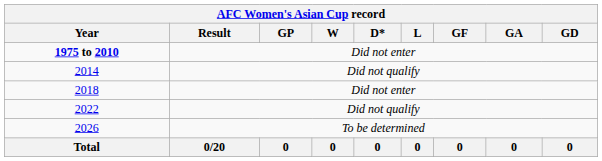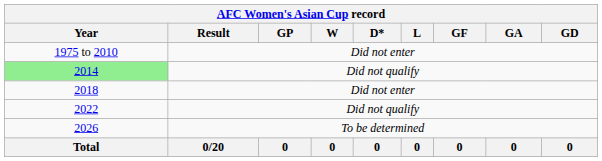 <table class="wikitable" style="text-align: center; width:50%;">
 <tr>
 <th colspan="9"><a href='#'>AFC Women's Asian Cup</a> record</th>
 </tr>
 <tr>
 <th>Year</th>
 <th>Result</th>
 <th>GP</th>
 <th>W</th>
 <th>D*</th>
 <th>L</th>
 <th>GF</th>
 <th>GA</th>
 <th>GD</th>
 </tr>
 <tr>
-<td><strong> <a href='#'>1975</a> to  <a href='#'>2010</a></strong></td>
+<td> <a href='#'>1975</a> to  <a href='#'>2010</a></td>
 <td colspan=8><em>Did not enter</em></td>
 </tr>
 <tr>
-<td> <a href='#'>2014</a></td>
+<td style="background: lightgreen;"> <a href='#'>2014</a></td>
 <td colspan=8><em>Did not qualify</em></td>
 </tr>
 <tr>
 <td> <a href='#'>2018</a></td>
 <td colspan=8><em>Did not enter</em></td>
 </tr>
 <tr>
 <td> <a href='#'>2022</a></td>
 <td colspan=8><em>Did not qualify</em></td>
 </tr>
 <tr>
 <td> <a href='#'>2026</a></td>
 <td colspan=8><em>To be determined</em></td>
 </tr>
 <tr>
 <th>Total</th>
 <th>0/20</th>
 <th>0</th>
 <th>0</th>
 <th>0</th>
 <th>0</th>
 <th>0</th>
 <th>0</th>
 <th>0</th>
 </tr>
 </table>
